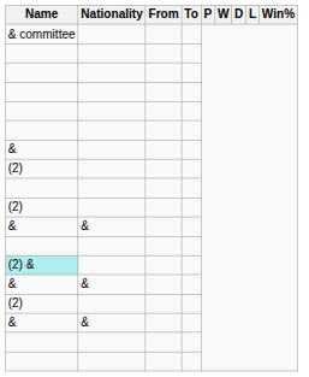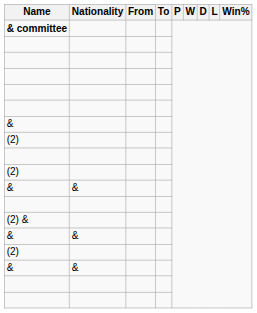 <table class="wikitable sortable">
 <tr>
 <th>Name</th>
 <th>Nationality</th>
 <th>From</th>
 <th class="unsortable">To</th>
 <th>P</th>
 <th>W</th>
 <th>D</th>
 <th>L</th>
 <th>Win%</th>
 </tr>
 <tr>
-<td> & committee</td>
+<td><strong> & committee</strong></td>
 <td></td>
 <td></td>
 <td><br></td>
 </tr>
 <tr>
 <td></td>
 <td></td>
 <td></td>
 <td><br></td>
 </tr>
 <tr>
 <td></td>
 <td></td>
 <td></td>
 <td><br></td>
 </tr>
 <tr>
 <td></td>
 <td></td>
 <td></td>
 <td><br></td>
 </tr>
 <tr>
 <td></td>
 <td></td>
 <td></td>
 <td><br></td>
 </tr>
 <tr>
 <td></td>
 <td></td>
 <td></td>
 <td><br></td>
 </tr>
 <tr>
 <td> & </td>
 <td></td>
 <td></td>
 <td><br></td>
 </tr>
 <tr>
 <td> (2)</td>
 <td></td>
 <td></td>
 <td><br></td>
 </tr>
 <tr>
 <td></td>
 <td></td>
 <td></td>
 <td><br></td>
 </tr>
 <tr>
 <td> (2)</td>
 <td></td>
 <td></td>
 <td><br></td>
 </tr>
 <tr>
 <td> & </td>
 <td> & </td>
 <td></td>
 <td><br></td>
 </tr>
 <tr>
 <td></td>
 <td></td>
 <td></td>
 <td><br></td>
 </tr>
 <tr>
-<td style="background: paleturquoise;"> (2) & </td>
+<td> (2) & </td>
 <td></td>
 <td></td>
 <td><br></td>
 </tr>
 <tr>
 <td> & </td>
 <td> & </td>
 <td></td>
 <td><br></td>
 </tr>
 <tr>
 <td> (2)</td>
 <td></td>
 <td></td>
 <td><br></td>
 </tr>
 <tr>
 <td> & </td>
 <td> & </td>
 <td></td>
 <td><br></td>
 </tr>
 <tr>
 <td></td>
 <td></td>
 <td></td>
 <td><br></td>
 </tr>
 <tr>
 <td></td>
 <td></td>
 <td></td>
 <td><br></td>
 </tr>
 </table>
